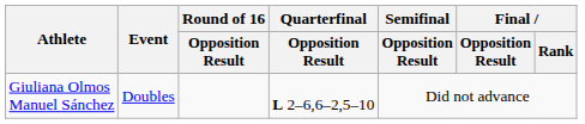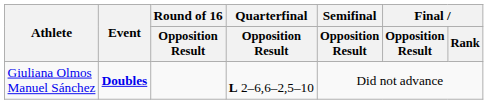 <table class=wikitable style=font-size:90%;text-align:center>
 <tr>
 <th rowspan=2>Athlete</th>
 <th rowspan=2>Event</th>
 <th>Round of 16</th>
 <th>Quarterfinal</th>
 <th>Semifinal</th>
 <th colspan=2>Final / </th>
 </tr>
 <tr style=font-size:95%>
 <th>Opposition<br>Result</th>
 <th>Opposition<br>Result</th>
 <th>Opposition<br>Result</th>
 <th>Opposition<br>Result</th>
 <th>Rank</th>
 </tr>
 <tr>
 <td align=left><a href='#'>Giuliana Olmos</a><br><a href='#'>Manuel Sánchez</a></td>
-<td align=left><a href='#'>Doubles</a></td>
+<td align=left><strong><a href='#'>Doubles</a></strong></td>
 <td></td>
 <td><br><strong>L</strong> 2–6,6–2,5–10</td>
 <td colspan=3>Did not advance</td>
 </tr>
 </table>
